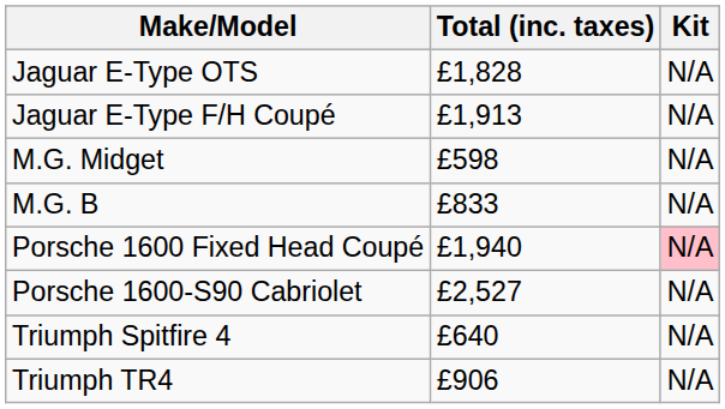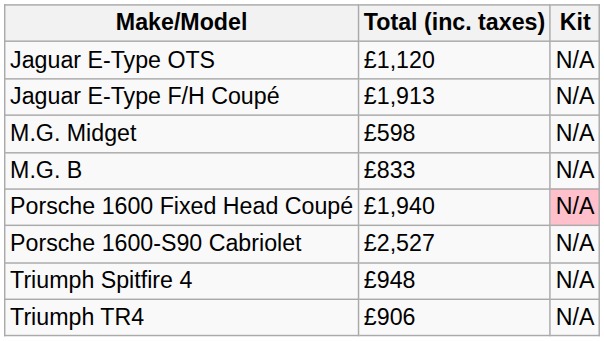 <table class="wikitable" style="display: inline-table;">
 <tr>
 <th>Make/Model</th>
 <th>Total (inc. taxes)</th>
 <th>Kit</th>
 </tr>
 <tr>
 <td>Jaguar E-Type OTS</td>
-<td>£1,828</td>
+<td>£1,120</td>
 <td>N/A</td>
 </tr>
 <tr>
 <td>Jaguar E-Type F/H Coupé</td>
 <td>£1,913</td>
 <td>N/A</td>
 </tr>
 <tr>
 <td>M.G. Midget</td>
 <td>£598</td>
 <td>N/A</td>
 </tr>
 <tr>
 <td>M.G. B</td>
 <td>£833</td>
 <td>N/A</td>
 </tr>
 <tr>
 <td>Porsche 1600 Fixed Head Coupé</td>
 <td>£1,940</td>
 <td style="background: pink;">N/A</td>
 </tr>
 <tr>
 <td>Porsche 1600-S90 Cabriolet</td>
 <td>£2,527</td>
 <td>N/A</td>
 </tr>
 <tr>
 <td>Triumph Spitfire 4</td>
-<td>£640</td>
+<td>£948</td>
 <td>N/A</td>
 </tr>
 <tr>
 <td>Triumph TR4</td>
 <td>£906</td>
 <td>N/A</td>
 </tr>
 </table>
